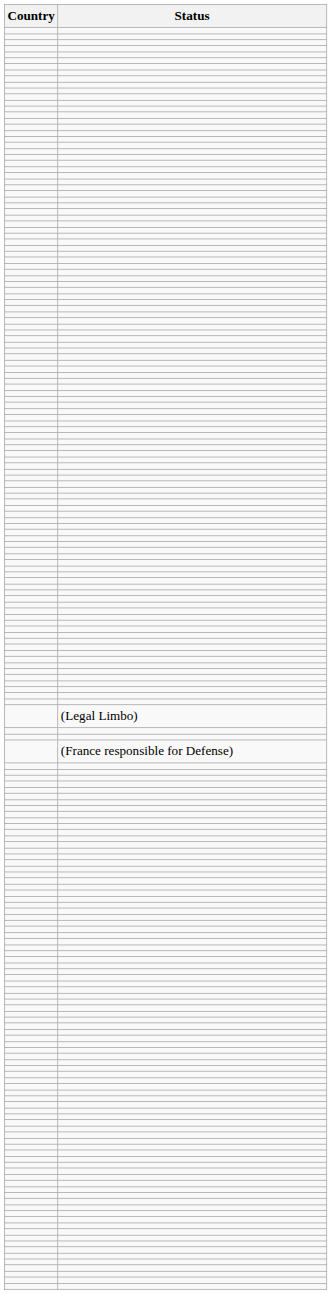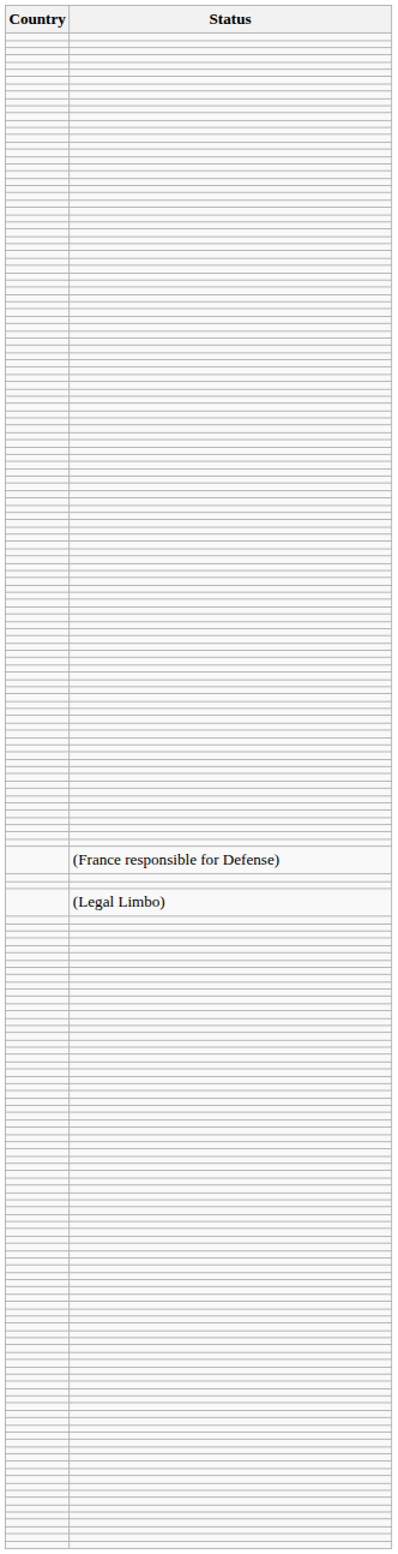 <table class="wikitable sortable collapsible" style=line-height:1.3>
 <tr>
 <th>Country</th>
 <th style=width:20em>Status</th>
 </tr>
 <tr>
 <td></td>
 <td></td>
 </tr>
 <tr>
 <td></td>
 <td></td>
 </tr>
 <tr>
 <td></td>
 <td></td>
 </tr>
 <tr>
 <td></td>
 <td></td>
 </tr>
 <tr>
 <td></td>
 <td></td>
 </tr>
 <tr>
 <td></td>
 <td></td>
 </tr>
 <tr>
 <td></td>
 <td></td>
 </tr>
 <tr>
 <td></td>
 <td></td>
 </tr>
 <tr>
 <td></td>
 <td></td>
 </tr>
 <tr>
 <td></td>
 <td></td>
 </tr>
 <tr>
 <td></td>
 <td></td>
 </tr>
 <tr>
 <td></td>
 <td></td>
 </tr>
 <tr>
 <td></td>
 <td></td>
 </tr>
 <tr>
 <td></td>
 <td></td>
 </tr>
 <tr>
 <td></td>
 <td></td>
 </tr>
 <tr>
 <td></td>
 <td></td>
 </tr>
 <tr>
 <td></td>
 <td></td>
 </tr>
 <tr>
 <td></td>
 <td></td>
 </tr>
 <tr>
 <td></td>
 <td></td>
 </tr>
 <tr>
 <td></td>
 <td></td>
 </tr>
 <tr>
 <td></td>
 <td></td>
 </tr>
 <tr>
 <td></td>
 <td></td>
 </tr>
 <tr>
 <td></td>
 <td></td>
 </tr>
 <tr>
 <td></td>
 <td></td>
 </tr>
 <tr>
 <td></td>
 <td></td>
 </tr>
 <tr>
 <td></td>
 <td></td>
 </tr>
 <tr>
 <td></td>
 <td></td>
 </tr>
 <tr>
 <td></td>
 <td></td>
 </tr>
 <tr>
 <td></td>
 <td></td>
 </tr>
 <tr>
 <td></td>
 <td></td>
 </tr>
 <tr>
 <td></td>
 <td></td>
 </tr>
 <tr>
 <td></td>
 <td></td>
 </tr>
 <tr>
 <td></td>
 <td></td>
 </tr>
 <tr>
 <td></td>
 <td></td>
 </tr>
 <tr>
 <td></td>
 <td></td>
 </tr>
 <tr>
 <td></td>
 <td></td>
 </tr>
 <tr>
 <td></td>
 <td></td>
 </tr>
 <tr>
 <td></td>
 <td></td>
 </tr>
 <tr>
 <td></td>
 <td></td>
 </tr>
 <tr>
 <td></td>
 <td></td>
 </tr>
 <tr>
 <td></td>
 <td></td>
 </tr>
 <tr>
 <td></td>
 <td></td>
 </tr>
 <tr>
 <td></td>
 <td></td>
 </tr>
 <tr>
 <td></td>
 <td></td>
 </tr>
 <tr>
 <td></td>
 <td></td>
 </tr>
 <tr>
 <td></td>
 <td></td>
 </tr>
 <tr>
 <td></td>
 <td></td>
 </tr>
 <tr>
 <td></td>
 <td></td>
 </tr>
 <tr>
 <td></td>
 <td></td>
 </tr>
 <tr>
 <td></td>
 <td></td>
 </tr>
 <tr>
 <td></td>
 <td></td>
 </tr>
 <tr>
 <td></td>
 <td></td>
 </tr>
 <tr>
 <td></td>
 <td></td>
 </tr>
 <tr>
 <td></td>
 <td></td>
 </tr>
 <tr>
 <td></td>
 <td></td>
 </tr>
 <tr>
 <td></td>
 <td></td>
 </tr>
 <tr>
 <td></td>
 <td></td>
 </tr>
 <tr>
 <td></td>
 <td></td>
 </tr>
 <tr>
 <td></td>
 <td></td>
 </tr>
 <tr>
 <td></td>
 <td></td>
 </tr>
 <tr>
 <td></td>
 <td></td>
 </tr>
 <tr>
 <td></td>
 <td></td>
 </tr>
 <tr>
 <td></td>
 <td></td>
 </tr>
 <tr>
 <td></td>
 <td></td>
 </tr>
 <tr>
 <td></td>
 <td></td>
 </tr>
 <tr>
 <td></td>
 <td></td>
 </tr>
 <tr>
 <td></td>
 <td></td>
 </tr>
 <tr>
 <td></td>
 <td></td>
 </tr>
 <tr>
 <td></td>
 <td></td>
 </tr>
 <tr>
 <td></td>
 <td></td>
 </tr>
 <tr>
 <td></td>
 <td></td>
 </tr>
 <tr>
 <td></td>
 <td></td>
 </tr>
 <tr>
 <td></td>
 <td></td>
 </tr>
 <tr>
 <td></td>
 <td></td>
 </tr>
 <tr>
 <td></td>
 <td></td>
 </tr>
 <tr>
 <td></td>
 <td></td>
 </tr>
 <tr>
 <td></td>
 <td></td>
 </tr>
 <tr>
 <td></td>
 <td></td>
 </tr>
 <tr>
 <td></td>
 <td></td>
 </tr>
 <tr>
 <td></td>
 <td></td>
 </tr>
 <tr>
 <td></td>
 <td></td>
 </tr>
 <tr>
 <td></td>
 <td></td>
 </tr>
 <tr>
 <td></td>
 <td></td>
 </tr>
 <tr>
 <td></td>
 <td></td>
 </tr>
 <tr>
 <td></td>
 <td></td>
 </tr>
 <tr>
 <td></td>
 <td></td>
 </tr>
 <tr>
 <td></td>
 <td></td>
 </tr>
 <tr>
 <td></td>
 <td></td>
 </tr>
 <tr>
 <td></td>
 <td></td>
 </tr>
 <tr>
 <td></td>
 <td></td>
 </tr>
 <tr>
 <td></td>
 <td></td>
 </tr>
 <tr>
 <td></td>
 <td></td>
 </tr>
 <tr>
 <td></td>
 <td></td>
 </tr>
 <tr>
 <td></td>
 <td></td>
 </tr>
 <tr>
 <td></td>
 <td></td>
 </tr>
 <tr>
 <td></td>
 <td></td>
 </tr>
 <tr>
 <td></td>
 <td></td>
 </tr>
 <tr>
 <td></td>
 <td></td>
 </tr>
 <tr>
 <td></td>
 <td></td>
 </tr>
 <tr>
 <td></td>
 <td></td>
 </tr>
 <tr>
 <td></td>
 <td></td>
 </tr>
 <tr>
 <td></td>
 <td></td>
 </tr>
 <tr>
 <td></td>
 <td></td>
 </tr>
 <tr>
 <td></td>
 <td></td>
 </tr>
 <tr>
 <td></td>
 <td></td>
 </tr>
 <tr>
 <td></td>
 <td></td>
 </tr>
 <tr>
 <td></td>
 <td></td>
 </tr>
 <tr>
 <td></td>
 <td></td>
 </tr>
 <tr>
 <td></td>
 <td></td>
 </tr>
 <tr>
 <td></td>
 <td></td>
 </tr>
 <tr>
 <td></td>
 <td></td>
 </tr>
 <tr>
 <td></td>
 <td></td>
 </tr>
 <tr>
 <td></td>
-<td> (Legal Limbo)</td>
+<td> (France responsible for Defense)</td>
 </tr>
 <tr>
 <td></td>
 <td></td>
 </tr>
 <tr>
 <td></td>
 <td></td>
 </tr>
 <tr>
 <td></td>
-<td> (France responsible for Defense)</td>
+<td> (Legal Limbo)</td>
 </tr>
 <tr>
 <td></td>
 <td></td>
 </tr>
 <tr>
 <td></td>
 <td></td>
 </tr>
 <tr>
 <td></td>
 <td></td>
 </tr>
 <tr>
 <td></td>
 <td></td>
 </tr>
 <tr>
 <td></td>
 <td></td>
 </tr>
 <tr>
 <td></td>
 <td></td>
 </tr>
 <tr>
 <td></td>
 <td></td>
 </tr>
 <tr>
 <td></td>
 <td></td>
 </tr>
 <tr>
 <td></td>
 <td></td>
 </tr>
 <tr>
 <td></td>
 <td></td>
 </tr>
 <tr>
 <td></td>
 <td></td>
 </tr>
 <tr>
 <td></td>
 <td></td>
 </tr>
 <tr>
 <td></td>
 <td></td>
 </tr>
 <tr>
 <td></td>
 <td></td>
 </tr>
 <tr>
 <td></td>
 <td></td>
 </tr>
 <tr>
 <td></td>
 <td></td>
 </tr>
 <tr>
 <td></td>
 <td></td>
 </tr>
 <tr>
 <td></td>
 <td></td>
 </tr>
 <tr>
 <td></td>
 <td></td>
 </tr>
 <tr>
 <td></td>
 <td></td>
 </tr>
 <tr>
 <td></td>
 <td></td>
 </tr>
 <tr>
 <td></td>
 <td></td>
 </tr>
 <tr>
 <td></td>
 <td></td>
 </tr>
 <tr>
 <td></td>
 <td></td>
 </tr>
 <tr>
 <td></td>
 <td></td>
 </tr>
 <tr>
 <td></td>
 <td></td>
 </tr>
 <tr>
 <td></td>
 <td></td>
 </tr>
 <tr>
 <td></td>
 <td></td>
 </tr>
 <tr>
 <td></td>
 <td></td>
 </tr>
 <tr>
 <td></td>
 <td></td>
 </tr>
 <tr>
 <td></td>
 <td></td>
 </tr>
 <tr>
 <td></td>
 <td></td>
 </tr>
 <tr>
 <td></td>
 <td></td>
 </tr>
 <tr>
 <td></td>
 <td></td>
 </tr>
 <tr>
 <td></td>
 <td></td>
 </tr>
 <tr>
 <td></td>
 <td></td>
 </tr>
 <tr>
 <td></td>
 <td></td>
 </tr>
 <tr>
 <td></td>
 <td></td>
 </tr>
 <tr>
 <td></td>
 <td></td>
 </tr>
 <tr>
 <td></td>
 <td></td>
 </tr>
 <tr>
 <td></td>
 <td></td>
 </tr>
 <tr>
 <td></td>
 <td></td>
 </tr>
 <tr>
 <td></td>
 <td></td>
 </tr>
 <tr>
 <td></td>
 <td></td>
 </tr>
 <tr>
 <td></td>
 <td></td>
 </tr>
 <tr>
 <td></td>
 <td></td>
 </tr>
 <tr>
 <td></td>
 <td></td>
 </tr>
 <tr>
 <td></td>
 <td></td>
 </tr>
 <tr>
 <td></td>
 <td></td>
 </tr>
 <tr>
 <td></td>
 <td></td>
 </tr>
 <tr>
 <td></td>
 <td></td>
 </tr>
 <tr>
 <td></td>
 <td></td>
 </tr>
 <tr>
 <td></td>
 <td></td>
 </tr>
 <tr>
 <td></td>
 <td></td>
 </tr>
 <tr>
 <td></td>
 <td></td>
 </tr>
 <tr>
 <td></td>
 <td></td>
 </tr>
 <tr>
 <td></td>
 <td></td>
 </tr>
 <tr>
 <td></td>
 <td></td>
 </tr>
 <tr>
 <td></td>
 <td></td>
 </tr>
 <tr>
 <td></td>
 <td></td>
 </tr>
 <tr>
 <td></td>
 <td></td>
 </tr>
 <tr>
 <td></td>
 <td></td>
 </tr>
 <tr>
 <td></td>
 <td></td>
 </tr>
 <tr>
 <td></td>
 <td></td>
 </tr>
 <tr>
 <td></td>
 <td></td>
 </tr>
 <tr>
 <td></td>
 <td></td>
 </tr>
 <tr>
 <td></td>
 <td></td>
 </tr>
 <tr>
 <td></td>
 <td></td>
 </tr>
 <tr>
 <td></td>
 <td></td>
 </tr>
 <tr>
 <td></td>
 <td></td>
 </tr>
 <tr>
 <td></td>
 <td></td>
 </tr>
 <tr>
 <td></td>
 <td></td>
 </tr>
 <tr>
 <td></td>
 <td></td>
 </tr>
 <tr>
 <td></td>
 <td></td>
 </tr>
 <tr>
 <td></td>
 <td></td>
 </tr>
 <tr>
 <td></td>
 <td></td>
 </tr>
 <tr>
 <td></td>
 <td></td>
 </tr>
 <tr>
 <td></td>
 <td></td>
 </tr>
 <tr>
 <td></td>
 <td></td>
 </tr>
 <tr>
 <td></td>
 <td></td>
 </tr>
 <tr>
 <td></td>
 <td></td>
 </tr>
 <tr>
 <td></td>
 <td></td>
 </tr>
 <tr>
 <td></td>
 <td></td>
 </tr>
 <tr>
 <td></td>
 <td></td>
 </tr>
 <tr>
 <td></td>
 <td></td>
 </tr>
 <tr>
 <td></td>
 <td></td>
 </tr>
 <tr>
 <td></td>
 <td></td>
 </tr>
 </table>
